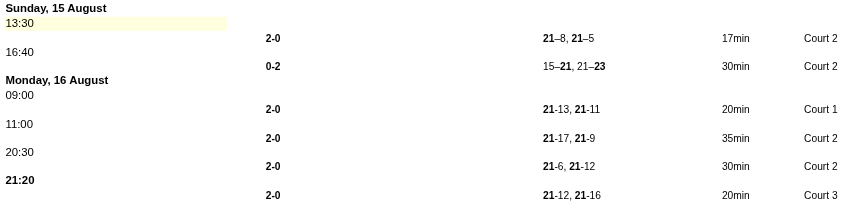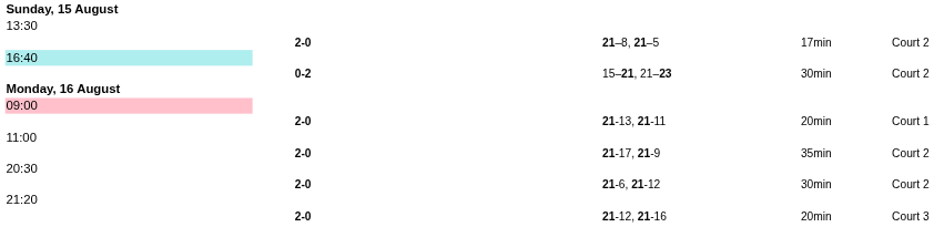 <table style="width:100%;" cellspacing="1">
 <tr>
 <th width=25%></th>
 <th width=10%></th>
 <th width=25%></th>
 </tr>
 <tr>
 <td><strong>Sunday, 15 August</strong></td>
 </tr>
 <tr>
-<td style="background: lightyellow;">13:30</td>
+<td>13:30</td>
 </tr>
 <tr style=font-size:90%>
 <td align=right><strong></strong></td>
 <td align=center><strong> 2-0 </strong></td>
 <td></td>
 <td><strong>21</strong>–8, <strong>21</strong>–5</td>
 <td>17min</td>
 <td>Court 2</td>
 </tr>
 <tr>
-<td>16:40</td>
+<td style="background: paleturquoise;">16:40</td>
 </tr>
 <tr style=font-size:90%>
 <td align=right></td>
 <td align=center><strong> 0-2 </strong></td>
 <td><strong></strong></td>
 <td>15–<strong>21</strong>, 21–<strong>23</strong></td>
 <td>30min</td>
 <td>Court 2</td>
 </tr>
 <tr>
 <td><strong>Monday, 16 August</strong></td>
 </tr>
 <tr>
-<td>09:00</td>
+<td style="background: pink;">09:00</td>
 </tr>
 <tr style=font-size:90%>
 <td align=right><strong></strong></td>
 <td align=center><strong> 2-0 </strong></td>
 <td></td>
 <td><strong>21</strong>-13, <strong>21</strong>-11</td>
 <td>20min</td>
 <td>Court 1</td>
 </tr>
 <tr>
 <td>11:00</td>
 </tr>
 <tr style=font-size:90%>
 <td align=right><strong></strong></td>
 <td align=center><strong> 2-0 </strong></td>
 <td></td>
 <td><strong>21</strong>-17, <strong>21</strong>-9</td>
 <td>35min</td>
 <td>Court 2</td>
 </tr>
 <tr>
 <td>20:30</td>
 </tr>
 <tr style=font-size:90%>
 <td align=right><strong></strong></td>
 <td align=center><strong> 2-0 </strong></td>
 <td></td>
 <td><strong>21</strong>-6, <strong>21</strong>-12</td>
 <td>30min</td>
 <td>Court 2</td>
 </tr>
 <tr>
-<td><strong>21:20</strong></td>
+<td>21:20</td>
 </tr>
 <tr style=font-size:90%>
 <td align=right><strong></strong></td>
 <td align=center><strong> 2-0 </strong></td>
 <td></td>
 <td><strong>21</strong>-12, <strong>21</strong>-16</td>
 <td>20min</td>
 <td>Court 3</td>
 </tr>
 </table>
